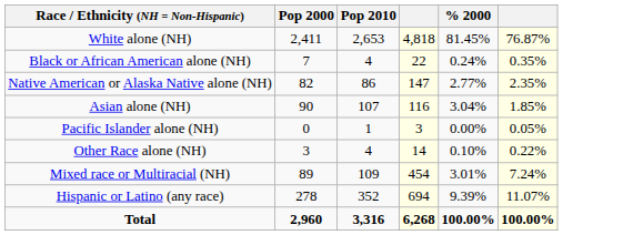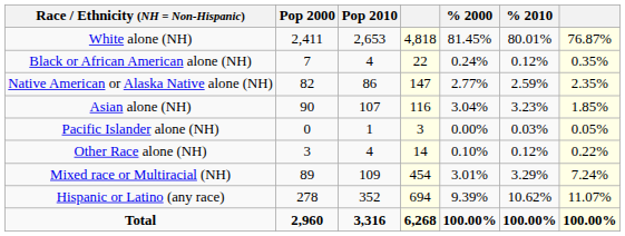 <table class="wikitable" style="text-align:center;">
 <tr>
 <th>Race / Ethnicity <small>(<em>NH = Non-Hispanic</em>)</small></th>
 <th>Pop 2000</th>
 <th>Pop 2010</th>
 <th></th>
 <th>% 2000</th>
+<th>% 2010</th>
 <th></th>
 </tr>
 <tr>
 <td><a href='#'>White</a> alone (NH)</td>
 <td>2,411</td>
 <td>2,653</td>
 <td style='background: #ffffe6;'>4,818</td>
 <td>81.45%</td>
+<td>80.01%</td>
 <td style='background: #ffffe6;'>76.87%</td>
 </tr>
 <tr>
 <td><a href='#'>Black or African American</a> alone (NH)</td>
 <td>7</td>
 <td>4</td>
 <td style='background: #ffffe6;'>22</td>
 <td>0.24%</td>
+<td>0.12%</td>
 <td style='background: #ffffe6;'>0.35%</td>
 </tr>
 <tr>
 <td><a href='#'>Native American</a> or <a href='#'>Alaska Native</a> alone (NH)</td>
 <td>82</td>
 <td>86</td>
 <td style='background: #ffffe6;'>147</td>
 <td>2.77%</td>
+<td>2.59%</td>
 <td style='background: #ffffe6;'>2.35%</td>
 </tr>
 <tr>
 <td><a href='#'>Asian</a> alone (NH)</td>
 <td>90</td>
 <td>107</td>
 <td style='background: #ffffe6;'>116</td>
 <td>3.04%</td>
+<td>3.23%</td>
 <td style='background: #ffffe6;'>1.85%</td>
 </tr>
 <tr>
 <td><a href='#'>Pacific Islander</a> alone (NH)</td>
 <td>0</td>
 <td>1</td>
 <td style='background: #ffffe6;'>3</td>
 <td>0.00%</td>
+<td>0.03%</td>
 <td style='background: #ffffe6;'>0.05%</td>
 </tr>
 <tr>
 <td><a href='#'>Other Race</a> alone (NH)</td>
 <td>3</td>
 <td>4</td>
 <td style='background: #ffffe6;'>14</td>
 <td>0.10%</td>
+<td>0.12%</td>
 <td style='background: #ffffe6;'>0.22%</td>
 </tr>
 <tr>
 <td><a href='#'>Mixed race or Multiracial</a> (NH)</td>
 <td>89</td>
 <td>109</td>
 <td style='background: #ffffe6;'>454</td>
 <td>3.01%</td>
+<td>3.29%</td>
 <td style='background: #ffffe6;'>7.24%</td>
 </tr>
 <tr>
 <td><a href='#'>Hispanic or Latino</a> (any race)</td>
 <td>278</td>
 <td>352</td>
 <td style='background: #ffffe6;'>694</td>
 <td>9.39%</td>
+<td>10.62%</td>
 <td style='background: #ffffe6;'>11.07%</td>
 </tr>
 <tr>
 <td><strong>Total</strong></td>
 <td><strong>2,960</strong></td>
 <td><strong>3,316</strong></td>
 <td style='background: #ffffe6;'><strong>6,268</strong></td>
 <td><strong>100.00%</strong></td>
+<td><strong>100.00%</strong></td>
 <td style='background: #ffffe6;'><strong>100.00%</strong></td>
 </tr>
 </table>
